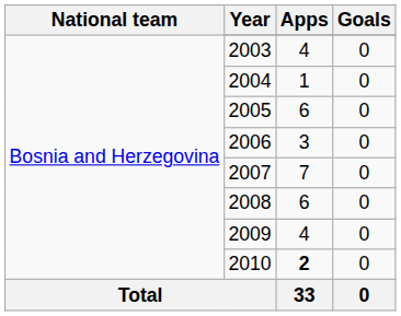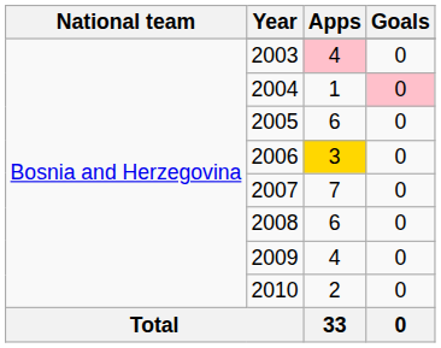 <table class="wikitable" style="text-align: center;">
 <tr>
 <th>National team</th>
 <th>Year</th>
 <th>Apps</th>
 <th>Goals</th>
 </tr>
 <tr>
 <td rowspan="9"><a href='#'>Bosnia and Herzegovina</a></td>
 </tr>
 <tr>
 <td>2003</td>
-<td>4</td>
+<td style="background: pink;">4</td>
 <td>0</td>
 </tr>
 <tr>
 <td>2004</td>
 <td>1</td>
-<td>0</td>
+<td style="background: pink;">0</td>
 </tr>
 <tr>
 <td>2005</td>
 <td>6</td>
 <td>0</td>
 </tr>
 <tr>
 <td>2006</td>
-<td>3</td>
+<td style="background: gold;">3</td>
 <td>0</td>
 </tr>
 <tr>
 <td>2007</td>
 <td>7</td>
 <td>0</td>
 </tr>
 <tr>
 <td>2008</td>
 <td>6</td>
 <td>0</td>
 </tr>
 <tr>
 <td>2009</td>
 <td>4</td>
 <td>0</td>
 </tr>
 <tr>
 <td>2010</td>
-<td><strong>2</strong></td>
+<td>2</td>
 <td>0</td>
 </tr>
 <tr>
 <th colspan="2">Total</th>
 <th>33</th>
 <th>0</th>
 </tr>
 </table>
